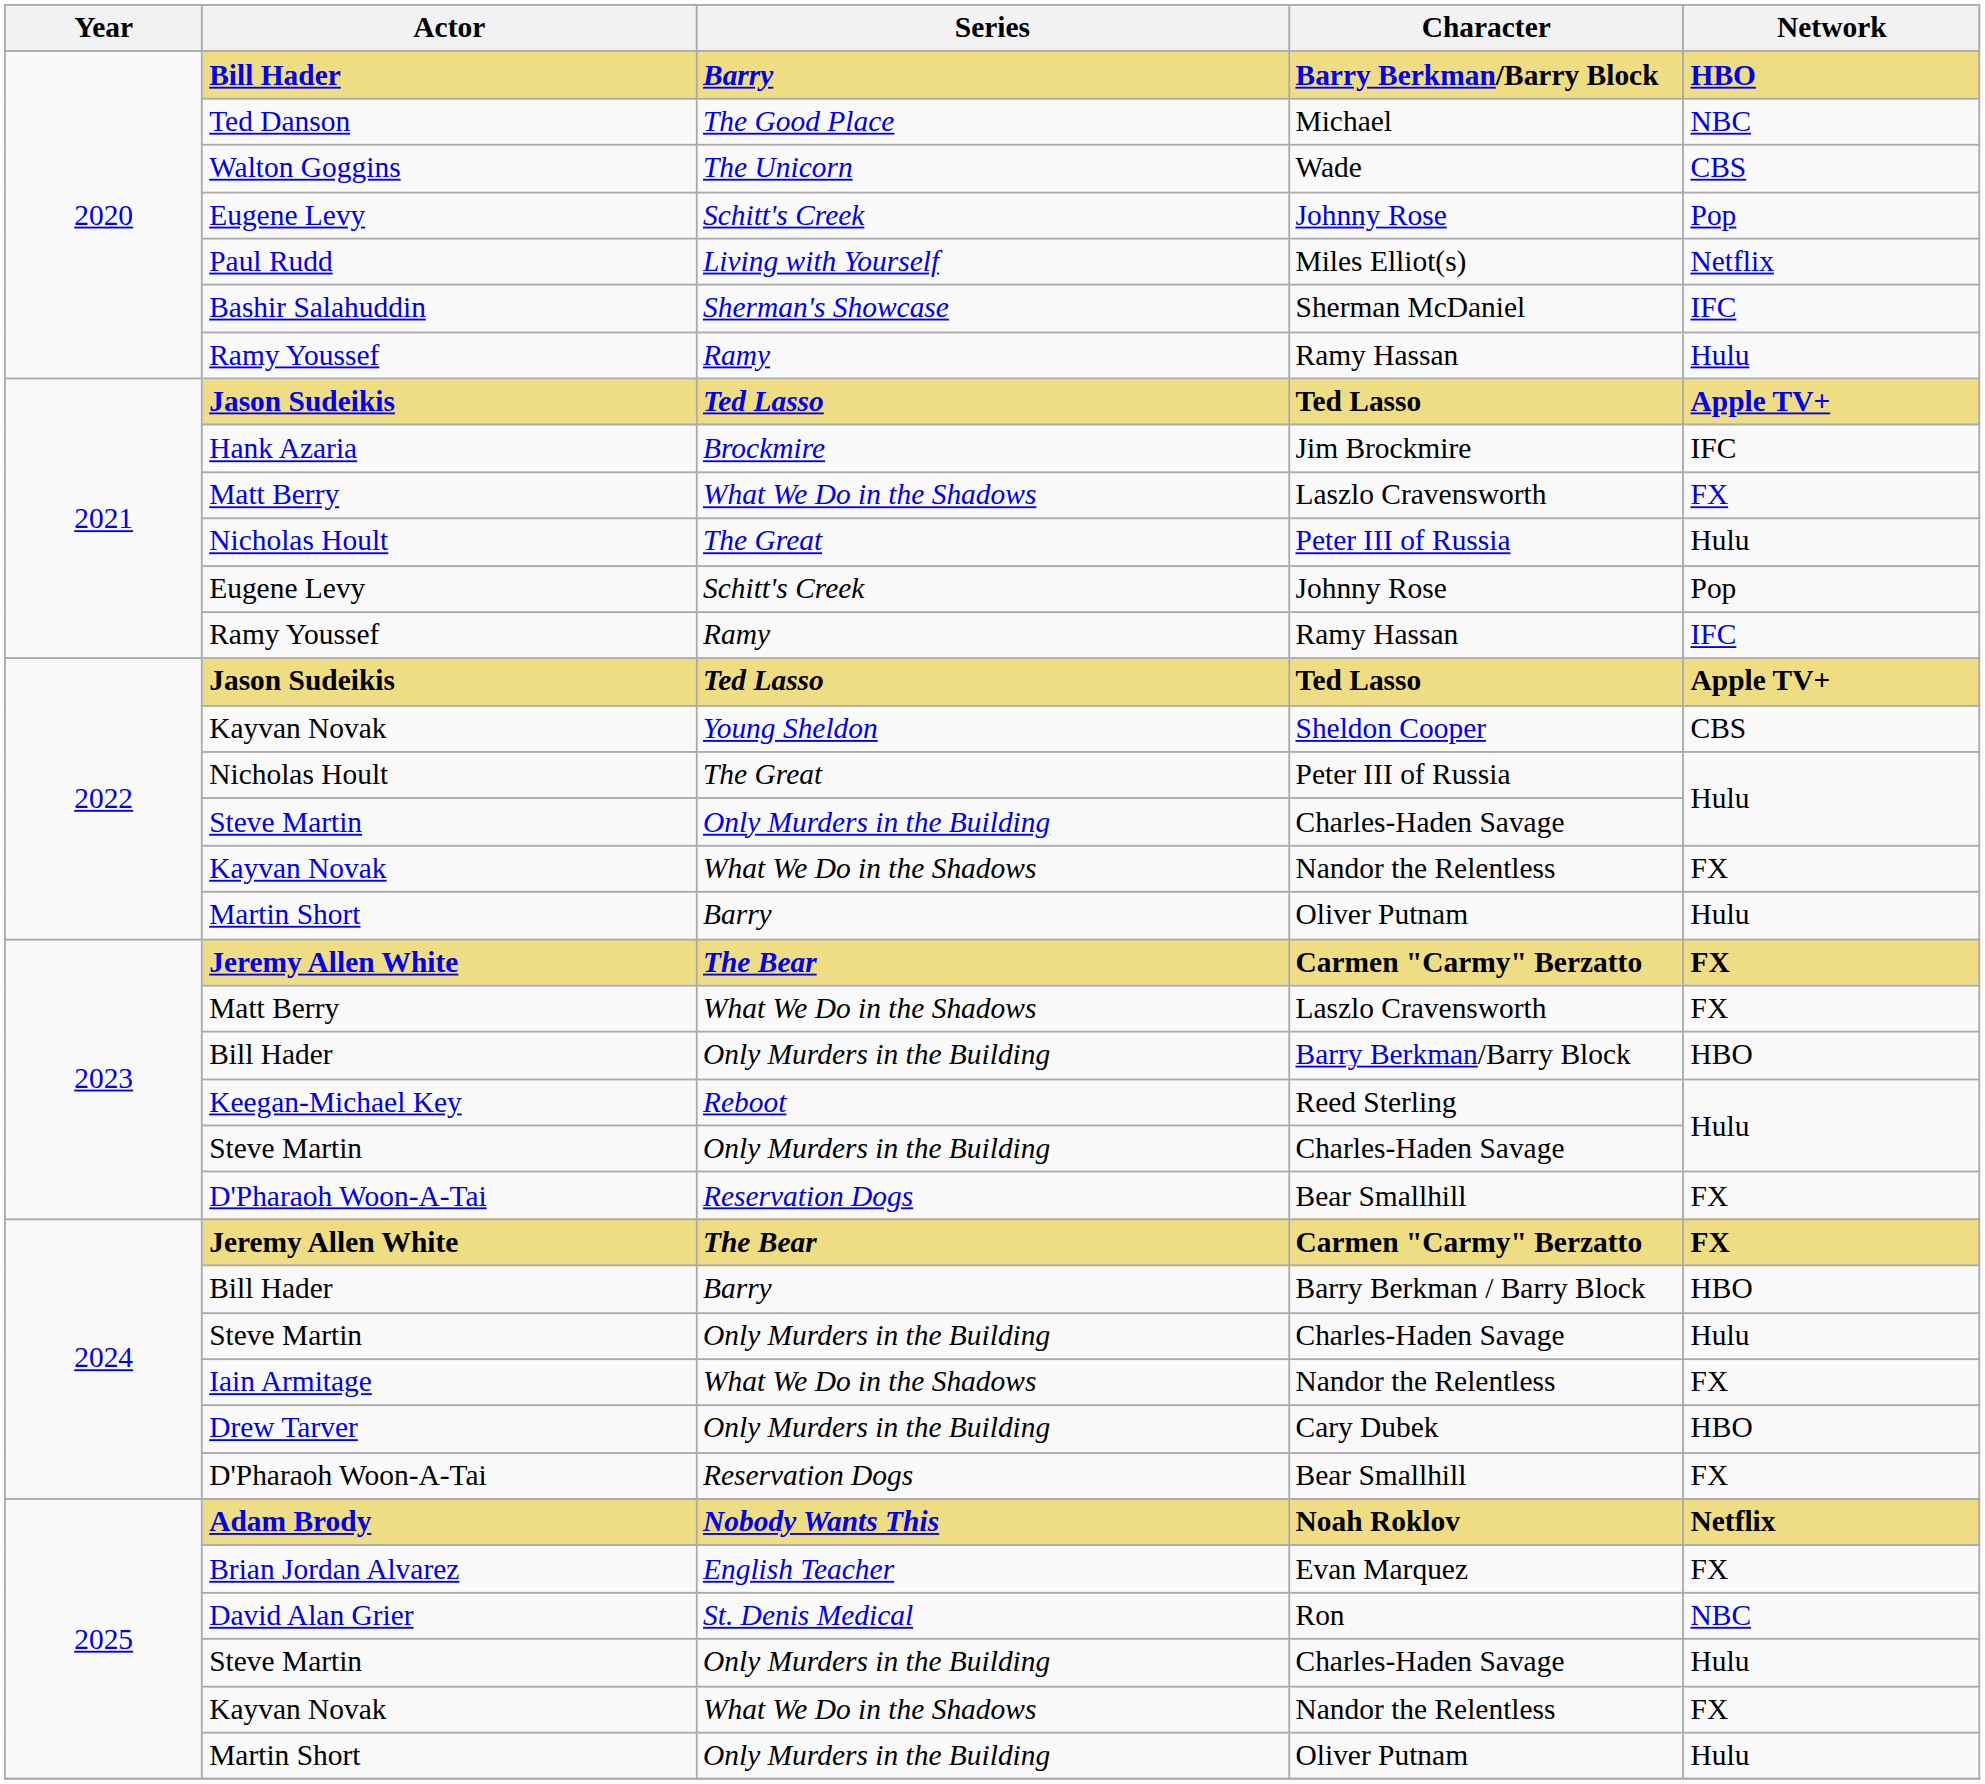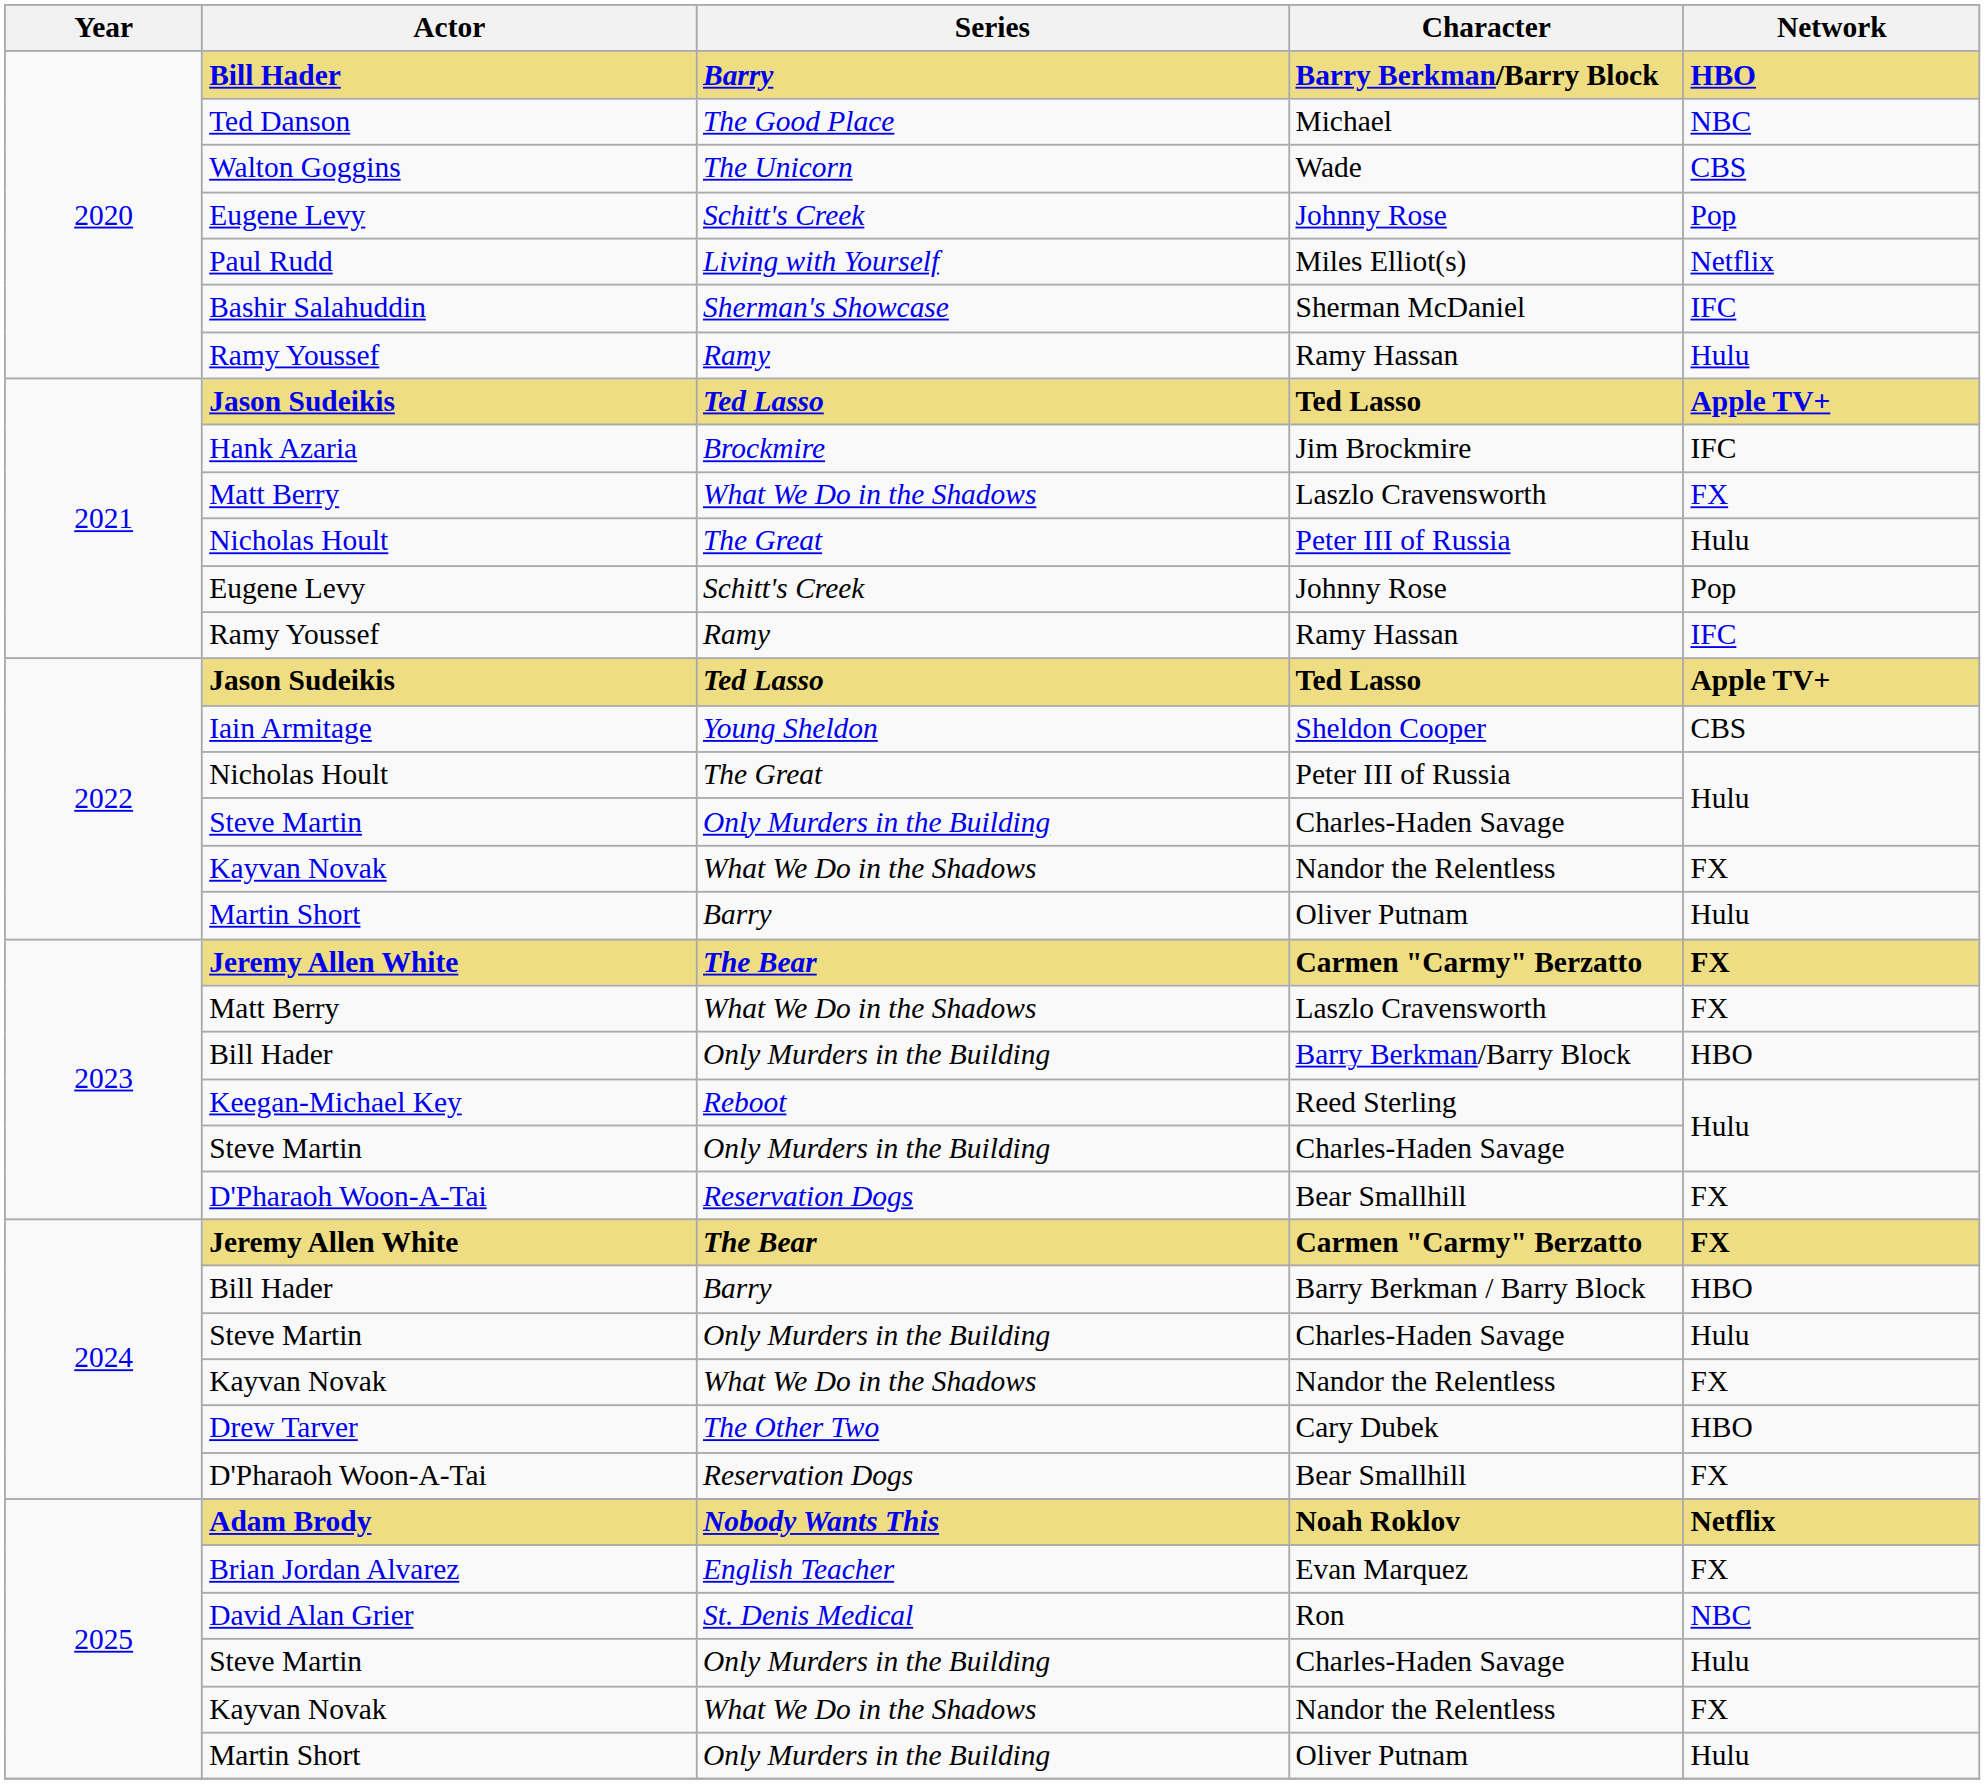 <table class="wikitable" style="width:85%">
 <tr style="background:#bebebe;">
 <th style="width:10%;">Year</th>
 <th style="wodth:25%;">Actor</th>
 <th style="width:30%;">Series</th>
 <th style="width:20%;">Character</th>
 <th style="width:15%;">Network</th>
 </tr>
 <tr>
 <td rowspan="7" style="text-align:center;"><a href='#'>2020</a><br></td>
 <td style="background:#EEDD82;"><strong><a href='#'>Bill Hader</a></strong></td>
 <td style="background:#EEDD82;"><strong><em><a href='#'>Barry</a></em></strong></td>
 <td style="background:#EEDD82;"><strong><a href='#'>Barry Berkman</a>/Barry Block</strong></td>
 <td style="background:#EEDD82;"><strong><a href='#'>HBO</a></strong></td>
 </tr>
 <tr>
 <td><a href='#'>Ted Danson</a></td>
 <td><em><a href='#'>The Good Place</a></em></td>
 <td>Michael</td>
 <td><a href='#'>NBC</a></td>
 </tr>
 <tr>
 <td><a href='#'>Walton Goggins</a></td>
 <td><em><a href='#'>The Unicorn</a></em></td>
 <td>Wade</td>
 <td><a href='#'>CBS</a></td>
 </tr>
 <tr>
 <td><a href='#'>Eugene Levy</a></td>
 <td><em><a href='#'>Schitt's Creek</a></em></td>
 <td><a href='#'>Johnny Rose</a></td>
 <td><a href='#'>Pop</a></td>
 </tr>
 <tr>
 <td><a href='#'>Paul Rudd</a></td>
 <td><em><a href='#'>Living with Yourself</a></em></td>
 <td>Miles Elliot(s)</td>
 <td><a href='#'>Netflix</a></td>
 </tr>
 <tr>
 <td><a href='#'>Bashir Salahuddin</a></td>
 <td><em><a href='#'>Sherman's Showcase</a></em></td>
 <td>Sherman McDaniel</td>
 <td><a href='#'>IFC</a></td>
 </tr>
 <tr>
 <td><a href='#'>Ramy Youssef</a></td>
 <td><em><a href='#'>Ramy</a></em></td>
 <td>Ramy Hassan</td>
 <td><a href='#'>Hulu</a></td>
 </tr>
 <tr>
 <td rowspan="6" style="text-align:center;"><a href='#'>2021</a><br></td>
 <td style="background:#EEDD82;"><strong><a href='#'>Jason Sudeikis</a></strong></td>
 <td style="background:#EEDD82;"><strong><em><a href='#'>Ted Lasso</a></em></strong></td>
 <td style="background:#EEDD82;"><strong>Ted Lasso</strong></td>
 <td style="background:#EEDD82;"><strong><a href='#'>Apple TV+</a></strong></td>
 </tr>
 <tr>
 <td><a href='#'>Hank Azaria</a></td>
 <td><em><a href='#'>Brockmire</a></em></td>
 <td>Jim Brockmire</td>
 <td>IFC</td>
 </tr>
 <tr>
 <td><a href='#'>Matt Berry</a></td>
 <td><em><a href='#'>What We Do in the Shadows</a></em></td>
 <td>Laszlo Cravensworth</td>
 <td><a href='#'>FX</a></td>
 </tr>
 <tr>
 <td><a href='#'>Nicholas Hoult</a></td>
 <td><em><a href='#'>The Great</a></em></td>
 <td><a href='#'>Peter III of Russia</a></td>
 <td>Hulu</td>
 </tr>
 <tr>
 <td>Eugene Levy</td>
 <td><em>Schitt's Creek</em></td>
 <td>Johnny Rose</td>
 <td>Pop</td>
 </tr>
 <tr>
 <td>Ramy Youssef</td>
 <td><em>Ramy</em></td>
 <td>Ramy Hassan</td>
 <td><a href='#'>IFC</a></td>
 </tr>
 <tr>
 <td rowspan="6" style="text-align:center;"><a href='#'>2022</a><br></td>
 <td style="background:#EEDD82;"><strong>Jason Sudeikis</strong></td>
 <td style="background:#EEDD82;"><strong><em>Ted Lasso</em></strong></td>
 <td style="background:#EEDD82;"><strong>Ted Lasso</strong></td>
 <td style="background:#EEDD82;"><strong>Apple TV+</strong></td>
 </tr>
 <tr>
-<td>Kayvan Novak</td>
+<td><a href='#'>Iain Armitage</a></td>
 <td><em><a href='#'>Young Sheldon</a></em></td>
 <td><a href='#'>Sheldon Cooper</a></td>
 <td>CBS</td>
 </tr>
 <tr>
 <td>Nicholas Hoult</td>
 <td><em>The Great</em></td>
 <td>Peter III of Russia</td>
 <td rowspan="2">Hulu</td>
 </tr>
 <tr>
 <td><a href='#'>Steve Martin</a></td>
 <td><em><a href='#'>Only Murders in the Building</a></em></td>
 <td>Charles-Haden Savage</td>
 </tr>
 <tr>
 <td><a href='#'>Kayvan Novak</a></td>
 <td><em>What We Do in the Shadows</em></td>
 <td>Nandor the Relentless</td>
 <td>FX</td>
 </tr>
 <tr>
 <td><a href='#'>Martin Short</a></td>
 <td><em>Barry</em></td>
 <td>Oliver Putnam</td>
 <td>Hulu</td>
 </tr>
 <tr>
 <td rowspan="6" style="text-align:center;"><a href='#'>2023</a><br></td>
 <td style="background:#EEDD82;"><strong><a href='#'>Jeremy Allen White</a></strong></td>
 <td style="background:#EEDD82;"><strong><em><a href='#'>The Bear</a></em></strong></td>
 <td style="background:#EEDD82;"><strong>Carmen "Carmy" Berzatto</strong></td>
 <td style="background:#EEDD82;"><strong>FX</strong></td>
 </tr>
 <tr>
 <td>Matt Berry</td>
 <td><em>What We Do in the Shadows</em></td>
 <td>Laszlo Cravensworth</td>
 <td>FX</td>
 </tr>
 <tr>
 <td>Bill Hader</td>
 <td><em>Only Murders in the Building</em></td>
 <td><a href='#'>Barry Berkman</a>/Barry Block</td>
 <td>HBO</td>
 </tr>
 <tr>
 <td><a href='#'>Keegan-Michael Key</a></td>
 <td><em><a href='#'>Reboot</a></em></td>
 <td>Reed Sterling</td>
 <td rowspan="2">Hulu</td>
 </tr>
 <tr>
 <td>Steve Martin</td>
 <td><em>Only Murders in the Building</em></td>
 <td>Charles-Haden Savage</td>
 </tr>
 <tr>
 <td><a href='#'>D'Pharaoh Woon-A-Tai</a></td>
 <td><em><a href='#'>Reservation Dogs</a></em></td>
 <td>Bear Smallhill</td>
 <td>FX</td>
 </tr>
 <tr>
 <td rowspan="6" style="text-align:center;"><a href='#'>2024</a><br></td>
 <td style="background:#EEDD82;"><strong>Jeremy Allen White</strong></td>
 <td style="background:#EEDD82;"><strong><em>The Bear</em></strong></td>
 <td style="background:#EEDD82;"><strong>Carmen "Carmy" Berzatto</strong></td>
 <td style="background:#EEDD82;"><strong>FX</strong></td>
 </tr>
 <tr>
 <td>Bill Hader</td>
 <td><em>Barry</em></td>
 <td>Barry Berkman / Barry Block</td>
 <td>HBO</td>
 </tr>
 <tr>
 <td>Steve Martin</td>
 <td><em>Only Murders in the Building</em></td>
 <td>Charles-Haden Savage</td>
 <td>Hulu</td>
 </tr>
 <tr>
-<td><a href='#'>Iain Armitage</a></td>
+<td>Kayvan Novak</td>
 <td><em>What We Do in the Shadows</em></td>
 <td>Nandor the Relentless</td>
 <td>FX</td>
 </tr>
 <tr>
 <td><a href='#'>Drew Tarver</a></td>
-<td><em>Only Murders in the Building</em></td>
+<td><em><a href='#'>The Other Two</a></em></td>
 <td>Cary Dubek</td>
 <td>HBO</td>
 </tr>
 <tr>
 <td>D'Pharaoh Woon-A-Tai</td>
 <td><em>Reservation Dogs</em></td>
 <td>Bear Smallhill</td>
 <td>FX</td>
 </tr>
 <tr>
 <td rowspan="7" style="text-align:center;"><a href='#'>2025</a><br></td>
 </tr>
 <tr>
 <td style="background:#EEDD82;"><strong><a href='#'>Adam Brody</a></strong></td>
 <td style="background:#EEDD82;"><strong><em><a href='#'>Nobody Wants This</a></em></strong></td>
 <td style="background:#EEDD82;"><strong>Noah Roklov</strong></td>
 <td style="background:#EEDD82;"><strong>Netflix</strong></td>
 </tr>
 <tr>
 <td><a href='#'>Brian Jordan Alvarez</a></td>
 <td><em><a href='#'>English Teacher</a></em></td>
 <td>Evan Marquez</td>
 <td>FX</td>
 </tr>
 <tr>
 <td><a href='#'>David Alan Grier</a></td>
 <td><em><a href='#'>St. Denis Medical</a></em></td>
 <td>Ron</td>
 <td><a href='#'>NBC</a></td>
 </tr>
 <tr>
 <td>Steve Martin</td>
 <td><em>Only Murders in the Building</em></td>
 <td>Charles-Haden Savage</td>
 <td>Hulu</td>
 </tr>
 <tr>
 <td>Kayvan Novak</td>
 <td><em>What We Do in the Shadows</em></td>
 <td>Nandor the Relentless</td>
 <td>FX</td>
 </tr>
 <tr>
 <td>Martin Short</td>
 <td><em>Only Murders in the Building</em></td>
 <td>Oliver Putnam</td>
 <td>Hulu</td>
 </tr>
 <tr>
 </tr>
 </table>
